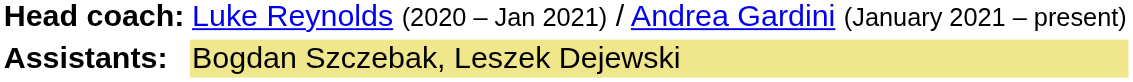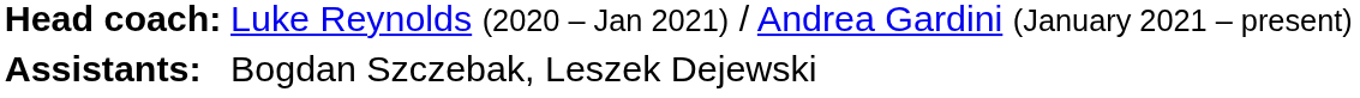 <table>
 <tr>
 <td><strong>Head coach:</strong></td>
 <td> <a href='#'>Luke Reynolds</a> <small>(2020 – Jan 2021)</small> /  <a href='#'>Andrea Gardini</a> <small>(January 2021 – present)</small></td>
 </tr>
 <tr>
 <td><strong>Assistants:</strong></td>
-<td style="background: khaki;"> Bogdan Szczebak,  Leszek Dejewski</td>
+<td> Bogdan Szczebak,  Leszek Dejewski</td>
 </tr>
 </table>
